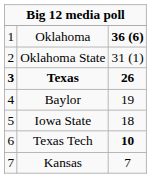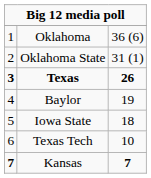 <table class="wikitable" style="display: inline-table;">
 <tr>
 <td align="center" Colspan="3"><strong>Big 12 media poll</strong></td>
 </tr>
 <tr align="center">
 </tr>
 <tr align="center">
 <td>1</td>
 <td>Oklahoma</td>
-<td><strong>36 (6)</strong></td>
+<td>36 (6)</td>
 </tr>
 <tr align="center">
 <td>2</td>
 <td>Oklahoma State</td>
 <td>31 (1)</td>
 </tr>
 <tr align="center">
 <td><strong>3</strong></td>
 <td><strong>Texas</strong></td>
 <td><strong>26</strong></td>
 </tr>
 <tr align="center">
 <td>4</td>
 <td>Baylor</td>
 <td>19</td>
 </tr>
 <tr align="center">
 <td>5</td>
 <td>Iowa State</td>
 <td>18</td>
 </tr>
 <tr align="center">
 <td>6</td>
 <td>Texas Tech</td>
-<td><strong>10</strong></td>
+<td>10</td>
 </tr>
 <tr align="center">
-<td>7</td>
+<td><strong>7</strong></td>
 <td>Kansas</td>
-<td>7</td>
+<td><strong>7</strong></td>
 </tr>
 </table>
